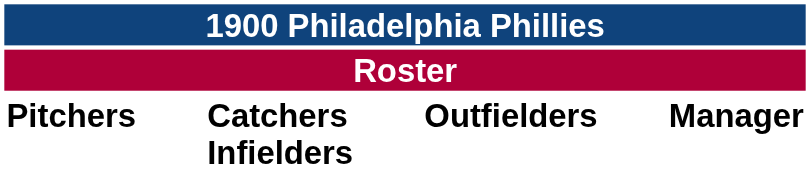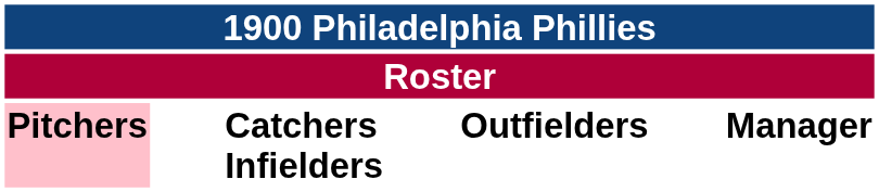 <table class="toccolours" style="font-size: 95%;">
 <tr>
 <th colspan="10" style="background-color: #0f437c; color: white; text-align: center;">1900 Philadelphia Phillies</th>
 </tr>
 <tr>
 <td colspan="10" style="background-color: #af0039; color: white; text-align: center;"><strong>Roster</strong></td>
 </tr>
 <tr>
-<td valign="top"><strong>Pitchers</strong><br>        </td>
+<td valign="top" style="background: pink;"><strong>Pitchers</strong><br>        </td>
 <td width="25px"></td>
 <td valign="top"><strong>Catchers</strong><br>    <strong>Infielders</strong>        </td>
 <td width="25px"></td>
 <td valign="top"><strong>Outfielders</strong><br>  </td>
 <td width="25px"></td>
 <td valign="top"><strong>Manager</strong><br></td>
 </tr>
 </table>
